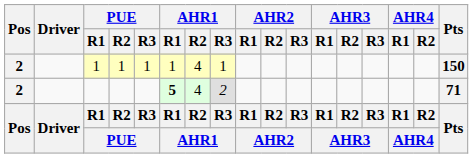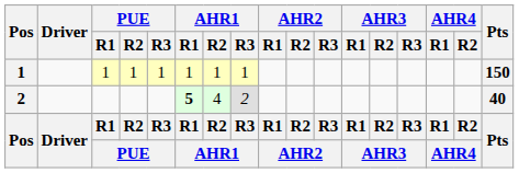 <table class="wikitable" style="font-size: 85%; text-align:center">
 <tr>
 <th rowspan=2>Pos</th>
 <th rowspan=2>Driver</th>
 <th colspan=3><a href='#'>PUE</a><br></th>
 <th colspan=3><a href='#'>AHR1</a><br></th>
 <th colspan=3><a href='#'>AHR2</a><br></th>
 <th colspan=3><a href='#'>AHR3</a><br></th>
 <th colspan=2><a href='#'>AHR4</a><br></th>
 <th rowspan=2>Pts</th>
 </tr>
 <tr>
 <th>R1</th>
 <th>R2</th>
 <th>R3</th>
 <th>R1</th>
 <th>R2</th>
 <th>R3</th>
 <th>R1</th>
 <th>R2</th>
 <th>R3</th>
 <th>R1</th>
 <th>R2</th>
 <th>R3</th>
 <th>R1</th>
 <th>R2</th>
 </tr>
 <tr>
-<th>2</th>
+<th>1</th>
 <td style="text-align:left"></td>
 <td style="background:#FFFFBF">1</td>
 <td style="background:#FFFFBF">1</td>
 <td style="background:#FFFFBF">1</td>
 <td style="background:#FFFFBF">1</td>
-<td style="background:#FFFFBF">4</td>
+<td style="background:#FFFFBF">1</td>
 <td style="background:#FFFFBF">1</td>
 <td></td>
 <td></td>
 <td></td>
 <td></td>
 <td></td>
 <td></td>
 <td></td>
 <td></td>
 <th>150</th>
 </tr>
 <tr>
 <th>2</th>
 <td style="text-align:left"></td>
 <td></td>
 <td></td>
 <td></td>
 <td style="background:#DFFFDF"><strong>5</strong></td>
 <td style="background:#DFFFDF">4</td>
 <td style="background:#DFDFDF"><em>2</em></td>
 <td></td>
 <td></td>
 <td></td>
 <td></td>
 <td></td>
 <td></td>
 <td></td>
 <td></td>
-<th>71</th>
+<th>40</th>
 </tr>
 <tr>
 <th rowspan=2>Pos</th>
 <th rowspan=2>Driver</th>
 <th>R1</th>
 <th>R2</th>
 <th>R3</th>
 <th>R1</th>
 <th>R2</th>
 <th>R3</th>
 <th>R1</th>
 <th>R2</th>
 <th>R3</th>
 <th>R1</th>
 <th>R2</th>
 <th>R3</th>
 <th>R1</th>
 <th>R2</th>
 <th rowspan=2>Pts</th>
 </tr>
 <tr>
 <th colspan=3><a href='#'>PUE</a><br></th>
 <th colspan=3><a href='#'>AHR1</a><br></th>
 <th colspan=3><a href='#'>AHR2</a><br></th>
 <th colspan=3><a href='#'>AHR3</a><br></th>
 <th colspan=2><a href='#'>AHR4</a><br></th>
 </tr>
 </table>
